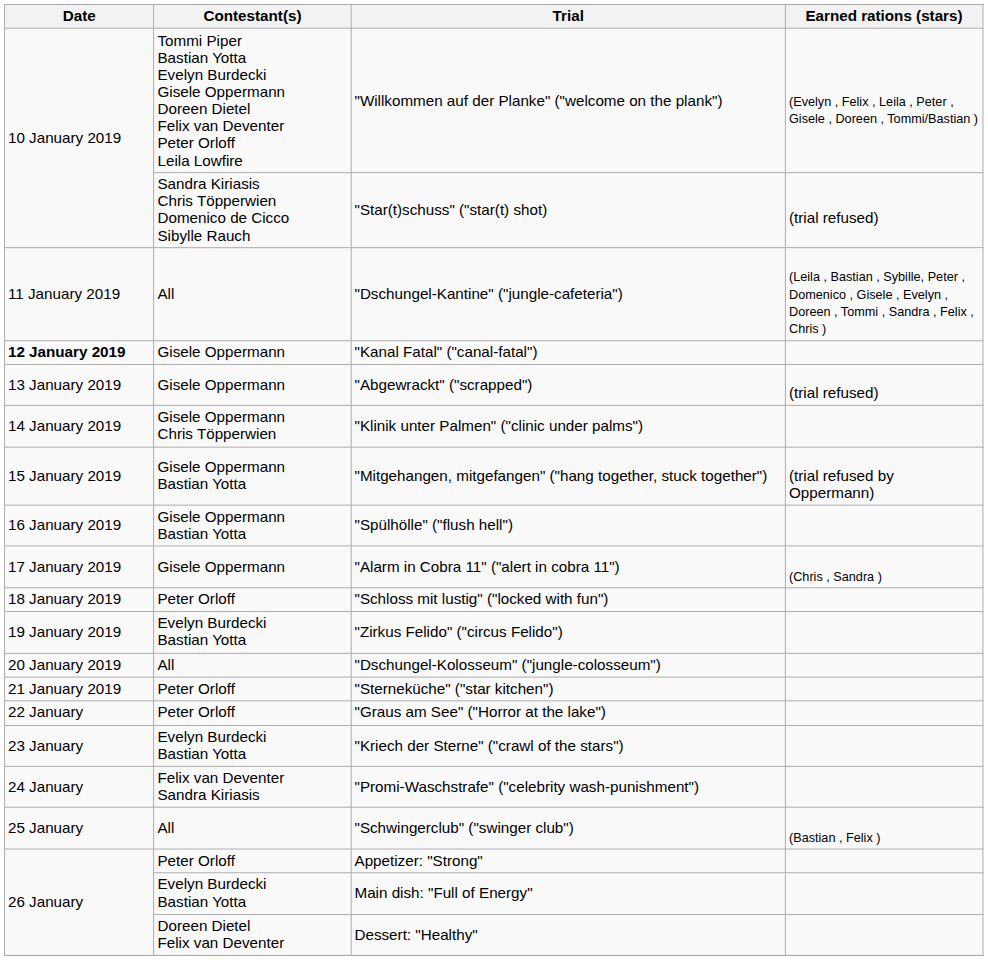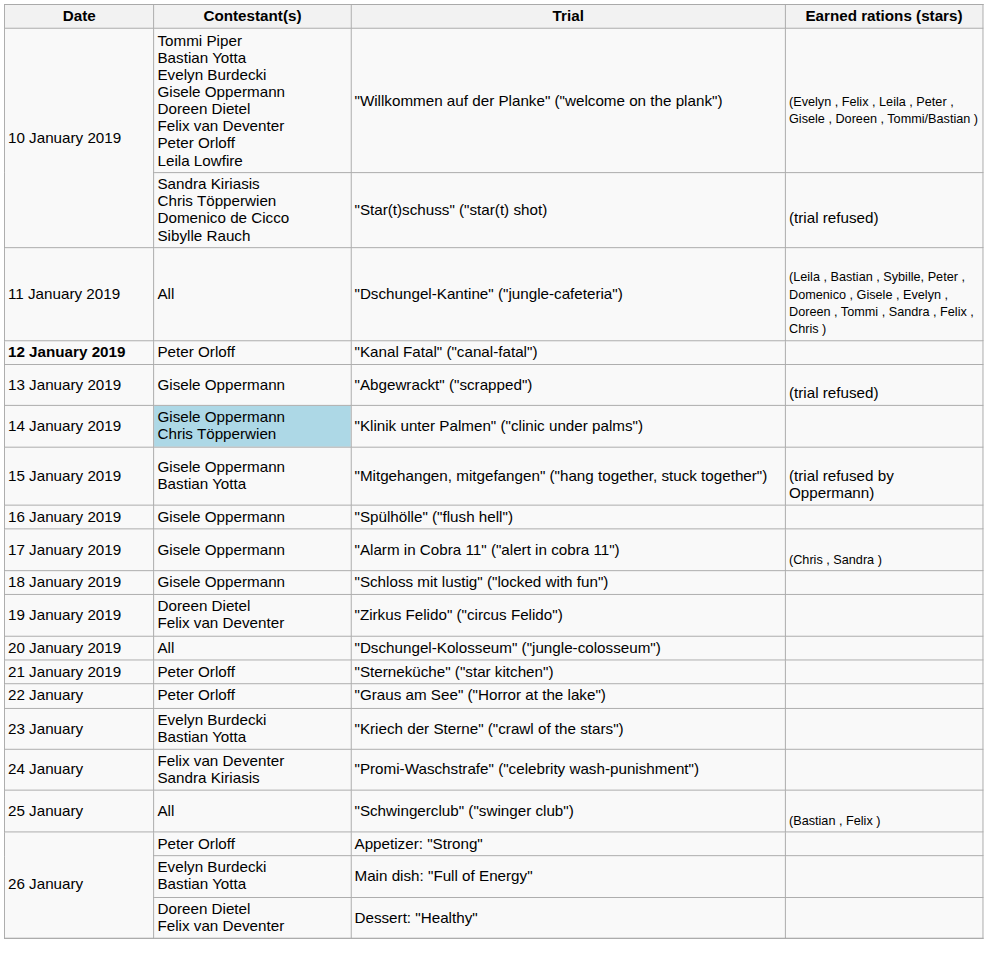 <table class="wikitable zebra">
 <tr>
 </tr>
 <tr class="hintergrundfarbe5">
 <th width="150">Date</th>
 <th width="200">Contestant(s)</th>
 <th colspan="1" width="450">Trial</th>
 <th colspan="1" width="200">Earned rations (stars)</th>
 </tr>
 <tr>
 <td rowspan="2">10 January 2019</td>
 <td>Tommi Piper<br>Bastian Yotta<br>Evelyn Burdecki<br>Gisele Oppermann<br>Doreen Dietel<br>Felix van Deventer<br>Peter Orloff<br>Leila Lowfire</td>
 <td>"Willkommen auf der Planke" ("welcome on the plank")</td>
 <td> <br> <small>(Evelyn , Felix , Leila , Peter , Gisele , Doreen , Tommi/Bastian )</small></td>
 </tr>
 <tr>
 <td>Sandra Kiriasis <br> Chris Töpperwien <br> Domenico de Cicco <br> Sibylle Rauch</td>
 <td>"Star(t)schuss" ("star(t) shot)</td>
 <td><br>(trial refused)</td>
 </tr>
 <tr>
 <td>11 January 2019</td>
 <td>All</td>
 <td>"Dschungel-Kantine" ("jungle-cafeteria")</td>
 <td> <br> <small>(Leila , Bastian , Sybille, Peter , Domenico , Gisele , Evelyn , Doreen , Tommi , Sandra , Felix , Chris )</small></td>
 </tr>
 <tr>
 <td><strong>12 January 2019</strong></td>
-<td>Gisele Oppermann</td>
+<td>Peter Orloff</td>
 <td>"Kanal Fatal" ("canal-fatal")</td>
 <td></td>
 </tr>
 <tr>
 <td>13 January 2019</td>
 <td>Gisele Oppermann</td>
 <td>"Abgewrackt" ("scrapped")</td>
 <td><br>(trial refused)</td>
 </tr>
 <tr>
 <td>14 January 2019</td>
-<td>Gisele Oppermann <br> Chris Töpperwien</td>
+<td style="background: lightblue;">Gisele Oppermann <br> Chris Töpperwien</td>
 <td>"Klinik unter Palmen" ("clinic under palms")</td>
 <td></td>
 </tr>
 <tr>
 <td>15 January 2019</td>
 <td>Gisele Oppermann <br> Bastian Yotta</td>
 <td>"Mitgehangen, mitgefangen" ("hang together, stuck together")</td>
 <td><br>(trial refused by Oppermann)</td>
 </tr>
 <tr>
 <td>16 January 2019</td>
-<td>Gisele Oppermann <br> Bastian Yotta</td>
+<td>Gisele Oppermann</td>
 <td>"Spülhölle" ("flush hell")</td>
 <td></td>
 </tr>
 <tr>
 <td>17 January 2019</td>
 <td>Gisele Oppermann</td>
 <td>"Alarm in Cobra 11" ("alert in cobra 11")</td>
 <td> <br> <small> (Chris , Sandra )</small></td>
 </tr>
 <tr>
 <td>18 January 2019</td>
-<td>Peter Orloff</td>
+<td>Gisele Oppermann</td>
 <td>"Schloss mit lustig" ("locked with fun")</td>
 <td></td>
 </tr>
 <tr>
 <td>19 January 2019</td>
-<td>Evelyn Burdecki <br> Bastian Yotta</td>
+<td>Doreen Dietel <br> Felix van Deventer</td>
 <td>"Zirkus Felido" ("circus Felido")</td>
 <td></td>
 </tr>
 <tr>
 <td>20 January 2019</td>
 <td>All</td>
 <td>"Dschungel-Kolosseum" ("jungle-colosseum")</td>
 <td></td>
 </tr>
 <tr>
 <td>21 January 2019</td>
 <td>Peter Orloff</td>
 <td>"Sterneküche" ("star kitchen")</td>
 <td></td>
 </tr>
 <tr>
 <td>22 January</td>
 <td>Peter Orloff</td>
 <td>"Graus am See" ("Horror at the lake")</td>
 <td></td>
 </tr>
 <tr>
 <td>23 January</td>
 <td>Evelyn Burdecki <br> Bastian Yotta</td>
 <td>"Kriech der Sterne" ("crawl of the stars")</td>
 <td></td>
 </tr>
 <tr>
 <td>24 January</td>
 <td>Felix van Deventer <br>Sandra Kiriasis</td>
 <td>"Promi-Waschstrafe" ("celebrity wash-punishment")</td>
 <td></td>
 </tr>
 <tr>
 <td>25 January</td>
 <td>All</td>
 <td>"Schwingerclub" ("swinger club")</td>
 <td><br> <small>(Bastian , Felix )</small></td>
 </tr>
 <tr>
 <td rowspan="3">26 January</td>
 <td>Peter Orloff</td>
 <td>Appetizer: "Strong"</td>
 <td></td>
 </tr>
 <tr>
 <td>Evelyn Burdecki <br> Bastian Yotta</td>
 <td>Main dish: "Full of Energy"</td>
 <td></td>
 </tr>
 <tr>
 <td>Doreen Dietel <br> Felix van Deventer</td>
 <td>Dessert: "Healthy"</td>
 <td></td>
 </tr>
 <tr>
 </tr>
 </table>
